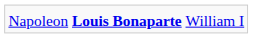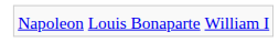 <table style="float:right; clear:right; margin: 10px; border: 1px #CCCCCC solid; background:#F9F9F9">
 <tr>
 <td align="center"></td>
 <td align="center"></td>
 <td align="center"></td>
 </tr>
 <tr>
 <td align="center"><a href='#'>Napoleon</a></td>
-<td align="center"><strong><a href='#'>Louis Bonaparte</a></strong></td>
+<td align="center"><a href='#'>Louis Bonaparte</a></td>
 <td align="center"><a href='#'>William I</a></td>
 </tr>
 </table>
